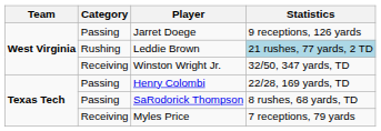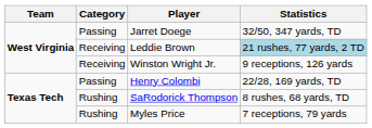 <table class="wikitable" style="float: right;">
 <tr>
 <th>Team</th>
 <th>Category</th>
 <th>Player</th>
 <th>Statistics</th>
 </tr>
 <tr>
 <td rowspan=3><strong>West Virginia</strong></td>
 <td>Passing</td>
 <td>Jarret Doege</td>
-<td>9 receptions, 126 yards</td>
+<td>32/50, 347 yards, TD</td>
 </tr>
 <tr>
-<td>Rushing</td>
+<td>Receiving</td>
 <td>Leddie Brown</td>
 <td style="background: lightblue;">21 rushes, 77 yards, 2 TD</td>
 </tr>
 <tr>
 <td>Receiving</td>
 <td>Winston Wright Jr.</td>
-<td>32/50, 347 yards, TD</td>
+<td>9 receptions, 126 yards</td>
 </tr>
 <tr>
 <td rowspan=3><strong>Texas Tech</strong></td>
 <td>Passing</td>
 <td><a href='#'>Henry Colombi</a></td>
 <td>22/28, 169 yards, TD</td>
 </tr>
 <tr>
-<td>Passing</td>
+<td>Rushing</td>
 <td><a href='#'>SaRodorick Thompson</a></td>
 <td>8 rushes, 68 yards, TD</td>
 </tr>
 <tr>
-<td>Receiving</td>
+<td>Rushing</td>
 <td>Myles Price</td>
 <td>7 receptions, 79 yards</td>
 </tr>
 </table>
